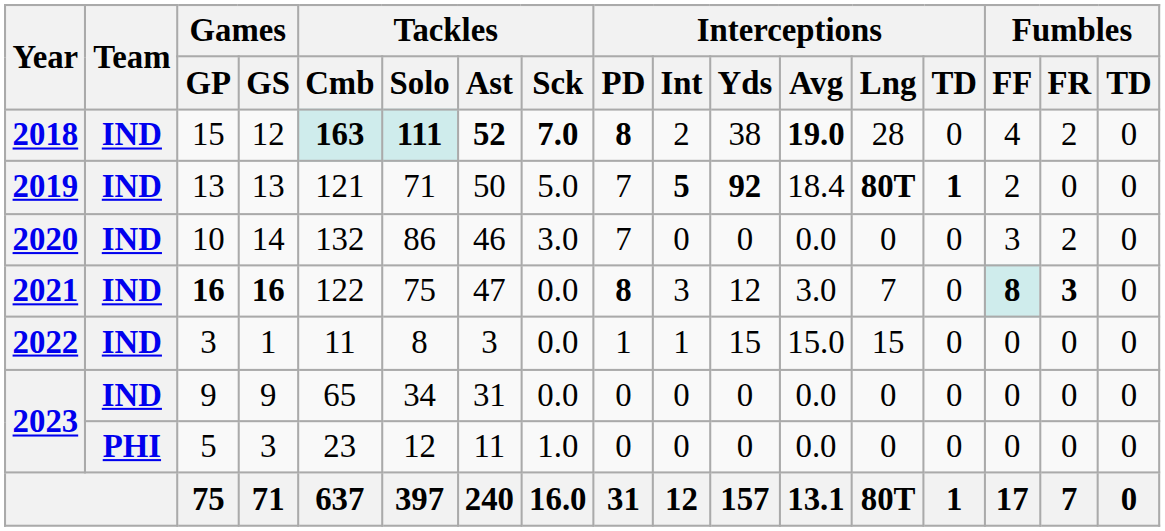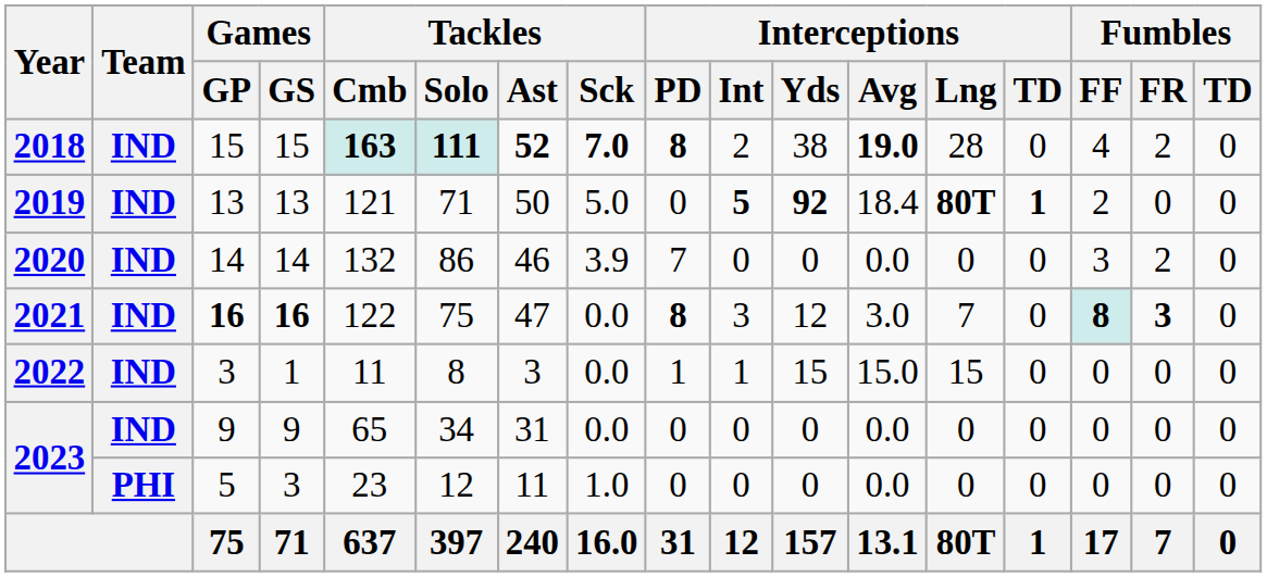 <table class="wikitable" style="text-align:center;">
 <tr>
 <th rowspan="2">Year</th>
 <th rowspan="2">Team</th>
 <th colspan="2">Games</th>
 <th colspan="4">Tackles</th>
 <th colspan="6">Interceptions</th>
 <th colspan="3">Fumbles</th>
 </tr>
 <tr>
 <th>GP</th>
 <th>GS</th>
 <th>Cmb</th>
 <th>Solo</th>
 <th>Ast</th>
 <th>Sck</th>
 <th>PD</th>
 <th>Int</th>
 <th>Yds</th>
 <th>Avg</th>
 <th>Lng</th>
 <th>TD</th>
 <th>FF</th>
 <th>FR</th>
 <th>TD</th>
 </tr>
 <tr>
 <th><a href='#'>2018</a></th>
 <th><a href='#'>IND</a></th>
 <td>15</td>
-<td>12</td>
+<td>15</td>
 <td style="background:#cfecec;"><strong>163</strong></td>
 <td style="background:#cfecec;"><strong>111</strong></td>
 <td><strong>52</strong></td>
 <td><strong>7.0</strong></td>
 <td><strong>8</strong></td>
 <td>2</td>
 <td>38</td>
 <td><strong>19.0</strong></td>
 <td>28</td>
 <td>0</td>
 <td>4</td>
 <td>2</td>
 <td>0</td>
 </tr>
 <tr>
 <th><a href='#'>2019</a></th>
 <th><a href='#'>IND</a></th>
 <td>13</td>
 <td>13</td>
 <td>121</td>
 <td>71</td>
 <td>50</td>
 <td>5.0</td>
-<td>7</td>
+<td>0</td>
 <td><strong>5</strong></td>
 <td><strong>92</strong></td>
 <td>18.4</td>
 <td><strong>80T</strong></td>
 <td><strong>1</strong></td>
 <td>2</td>
 <td>0</td>
 <td>0</td>
 </tr>
 <tr>
 <th><a href='#'>2020</a></th>
 <th><a href='#'>IND</a></th>
-<td>10</td>
+<td>14</td>
 <td>14</td>
 <td>132</td>
 <td>86</td>
 <td>46</td>
-<td>3.0</td>
+<td>3.9</td>
 <td>7</td>
 <td>0</td>
 <td>0</td>
 <td>0.0</td>
 <td>0</td>
 <td>0</td>
 <td>3</td>
 <td>2</td>
 <td>0</td>
 </tr>
 <tr>
 <th><a href='#'>2021</a></th>
 <th><a href='#'>IND</a></th>
 <td><strong>16</strong></td>
 <td><strong>16</strong></td>
 <td>122</td>
 <td>75</td>
 <td>47</td>
 <td>0.0</td>
 <td><strong>8</strong></td>
 <td>3</td>
 <td>12</td>
 <td>3.0</td>
 <td>7</td>
 <td>0</td>
 <td style="background:#cfecec;"><strong>8</strong></td>
 <td><strong>3</strong></td>
 <td>0</td>
 </tr>
 <tr>
 <th><a href='#'>2022</a></th>
 <th><a href='#'>IND</a></th>
 <td>3</td>
 <td>1</td>
 <td>11</td>
 <td>8</td>
 <td>3</td>
 <td>0.0</td>
 <td>1</td>
 <td>1</td>
 <td>15</td>
 <td>15.0</td>
 <td>15</td>
 <td>0</td>
 <td>0</td>
 <td>0</td>
 <td>0</td>
 </tr>
 <tr>
 <th rowspan="2"><a href='#'>2023</a></th>
 <th><a href='#'>IND</a></th>
 <td>9</td>
 <td>9</td>
 <td>65</td>
 <td>34</td>
 <td>31</td>
 <td>0.0</td>
 <td>0</td>
 <td>0</td>
 <td>0</td>
 <td>0.0</td>
 <td>0</td>
 <td>0</td>
 <td>0</td>
 <td>0</td>
 <td>0</td>
 </tr>
 <tr>
 <th><a href='#'>PHI</a></th>
 <td>5</td>
 <td>3</td>
 <td>23</td>
 <td>12</td>
 <td>11</td>
 <td>1.0</td>
 <td>0</td>
 <td>0</td>
 <td>0</td>
 <td>0.0</td>
 <td>0</td>
 <td>0</td>
 <td>0</td>
 <td>0</td>
 <td>0</td>
 </tr>
 <tr>
 <th colspan="2"></th>
 <th>75</th>
 <th>71</th>
 <th>637</th>
 <th>397</th>
 <th>240</th>
 <th>16.0</th>
 <th>31</th>
 <th>12</th>
 <th>157</th>
 <th>13.1</th>
 <th>80T</th>
 <th>1</th>
 <th>17</th>
 <th>7</th>
 <th>0</th>
 </tr>
 </table>
